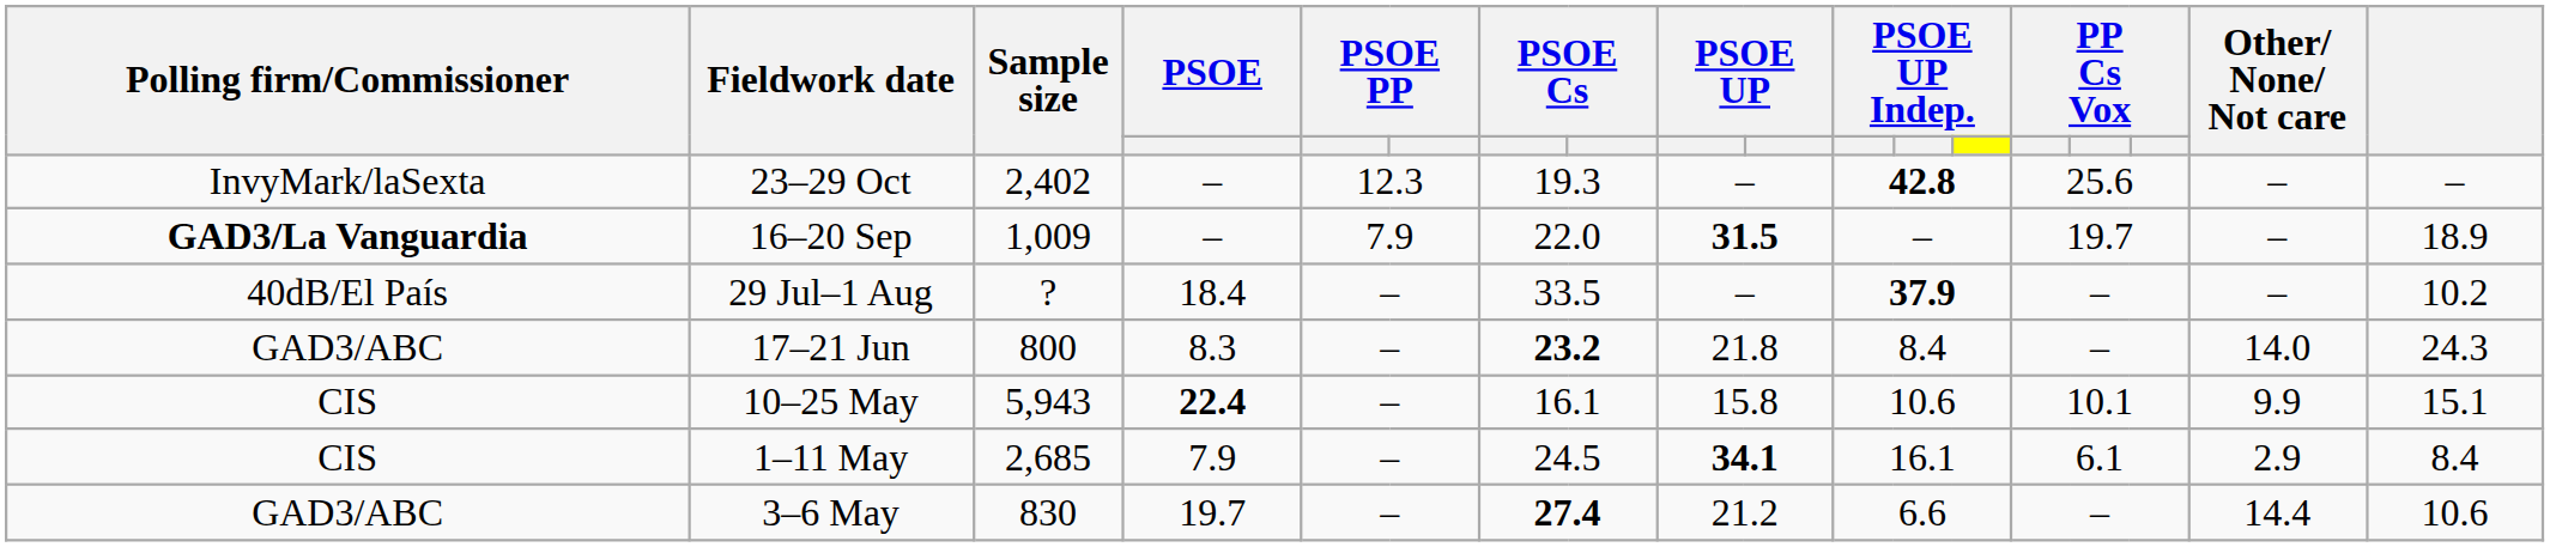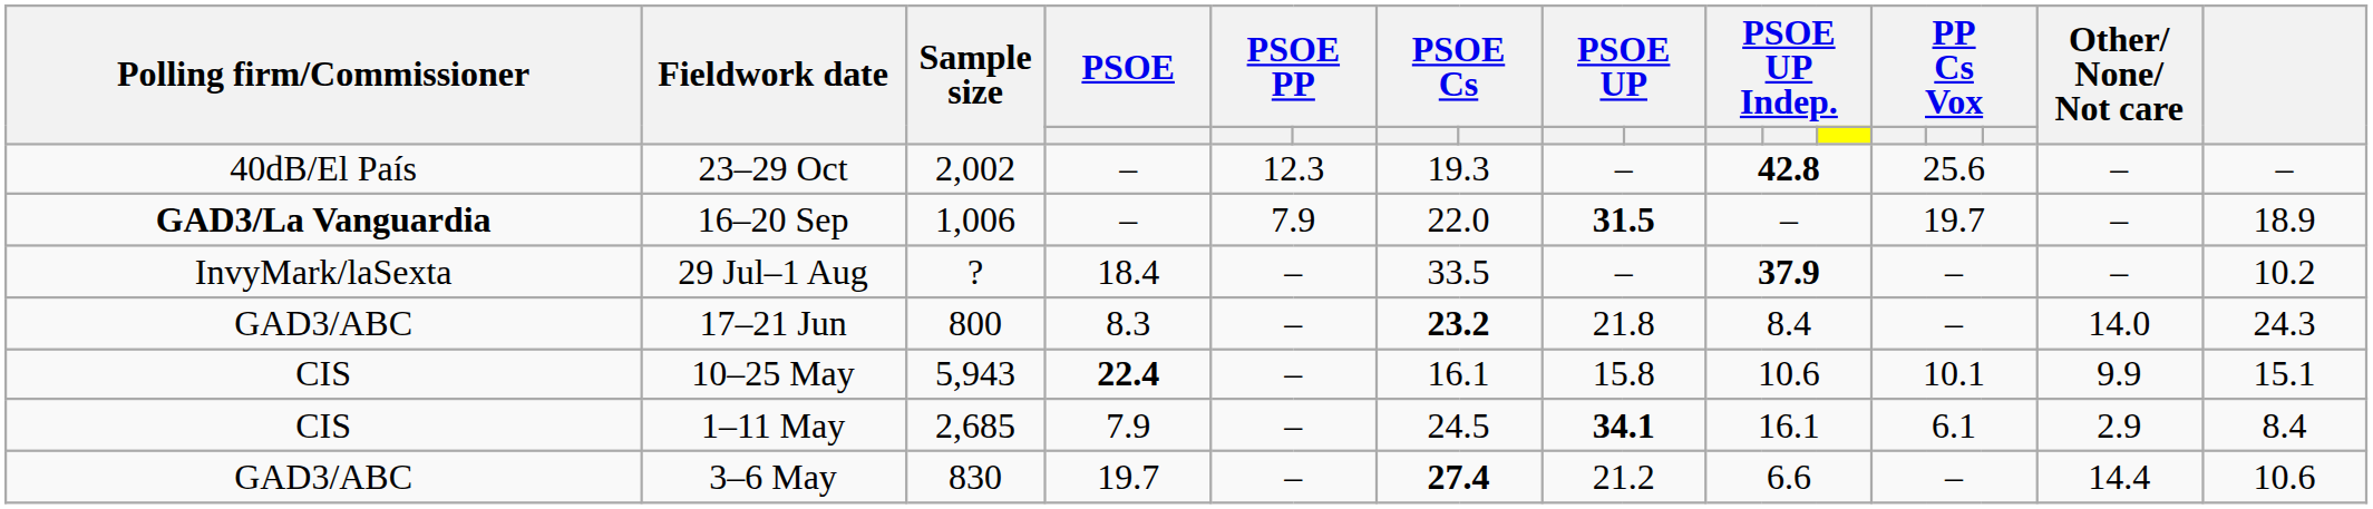 <table class="wikitable collapsible collapsed" style="text-align:center; font-size:90%; line-height:14px;">
 <tr style="height:42px;">
 <th style="width:250px;" rowspan="2">Polling firm/Commissioner</th>
 <th style="width:100px;" rowspan="2">Fieldwork date</th>
 <th style="width:50px;" rowspan="2">Sample size</th>
 <th style="width:60px;"><a href='#'>PSOE</a></th>
 <th style="width:60px;" colspan="2"><a href='#'>PSOE</a><br><a href='#'>PP</a></th>
 <th style="width:60px;" colspan="2"><a href='#'>PSOE</a><br><a href='#'>Cs</a></th>
 <th style="width:60px;" colspan="2"><a href='#'>PSOE</a><br><a href='#'>UP</a></th>
 <th style="width:60px;" colspan="3"><a href='#'>PSOE</a><br><a href='#'>UP</a><br><a href='#'>Indep.</a></th>
 <th style="width:60px;" colspan="3"><a href='#'>PP</a><br><a href='#'>Cs</a><br><a href='#'>Vox</a></th>
 <th style="width:60px;" rowspan="2">Other/<br>None/<br>Not care</th>
 <th style="width:60px;" rowspan="2"></th>
 </tr>
 <tr>
 <th style="color:inherit;background:"></th>
 <th style="color:inherit;background:"></th>
 <th style="color:inherit;background:"></th>
 <th style="color:inherit;background:"></th>
 <th style="color:inherit;background:"></th>
 <th style="color:inherit;background:"></th>
 <th style="color:inherit;background:"></th>
 <th style="color:inherit;background:"></th>
 <th style="color:inherit;background:"></th>
 <th style="color:inherit;background:yellow;"></th>
 <th style="color:inherit;background:"></th>
 <th style="color:inherit;background:"></th>
 <th style="color:inherit;background:"></th>
 </tr>
 <tr>
-<td>InvyMark/laSexta</td>
+<td>40dB/El País</td>
 <td>23–29 Oct</td>
-<td>2,402</td>
+<td>2,002</td>
 <td>–</td>
 <td colspan="2">12.3</td>
 <td colspan="2">19.3</td>
 <td colspan="2">–</td>
 <td colspan="3" ><strong>42.8</strong></td>
 <td colspan="3">25.6</td>
 <td>–</td>
 <td>–</td>
 </tr>
 <tr>
 <td><strong>GAD3/La Vanguardia</strong></td>
 <td>16–20 Sep</td>
-<td>1,009</td>
+<td>1,006</td>
 <td>–</td>
 <td colspan="2">7.9</td>
 <td colspan="2">22.0</td>
 <td colspan="2" ><strong>31.5</strong></td>
 <td colspan="3">–</td>
 <td colspan="3">19.7</td>
 <td>–</td>
 <td>18.9</td>
 </tr>
 <tr>
-<td>40dB/El País</td>
+<td>InvyMark/laSexta</td>
 <td>29 Jul–1 Aug</td>
 <td>?</td>
 <td>18.4</td>
 <td colspan="2">–</td>
 <td colspan="2">33.5</td>
 <td colspan="2">–</td>
 <td colspan="3" ><strong>37.9</strong></td>
 <td colspan="3">–</td>
 <td>–</td>
 <td>10.2</td>
 </tr>
 <tr>
 <td>GAD3/ABC</td>
 <td>17–21 Jun</td>
 <td>800</td>
 <td>8.3</td>
 <td colspan="2">–</td>
 <td colspan="2" ><strong>23.2</strong></td>
 <td colspan="2">21.8</td>
 <td colspan="3">8.4</td>
 <td colspan="3">–</td>
 <td>14.0</td>
 <td>24.3</td>
 </tr>
 <tr>
 <td>CIS</td>
 <td>10–25 May</td>
 <td>5,943</td>
 <td><strong>22.4</strong></td>
 <td colspan="2">–</td>
 <td colspan="2">16.1</td>
 <td colspan="2">15.8</td>
 <td colspan="3">10.6</td>
 <td colspan="3">10.1</td>
 <td>9.9</td>
 <td>15.1</td>
 </tr>
 <tr>
 <td>CIS</td>
 <td>1–11 May</td>
 <td>2,685</td>
 <td>7.9</td>
 <td colspan="2">–</td>
 <td colspan="2">24.5</td>
 <td colspan="2" ><strong>34.1</strong></td>
 <td colspan="3">16.1</td>
 <td colspan="3">6.1</td>
 <td>2.9</td>
 <td>8.4</td>
 </tr>
 <tr>
 <td>GAD3/ABC</td>
 <td>3–6 May</td>
 <td>830</td>
 <td>19.7</td>
 <td colspan="2">–</td>
 <td colspan="2" ><strong>27.4</strong></td>
 <td colspan="2">21.2</td>
 <td colspan="3">6.6</td>
 <td colspan="3">–</td>
 <td>14.4</td>
 <td>10.6</td>
 </tr>
 </table>
